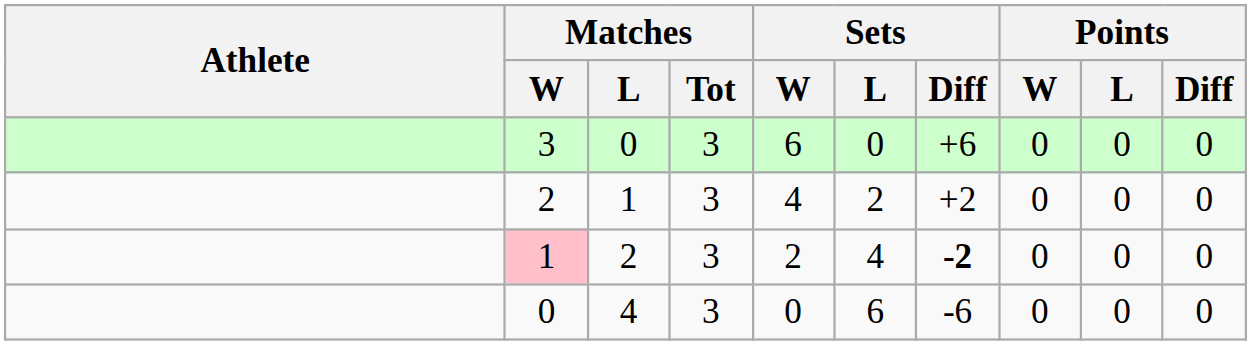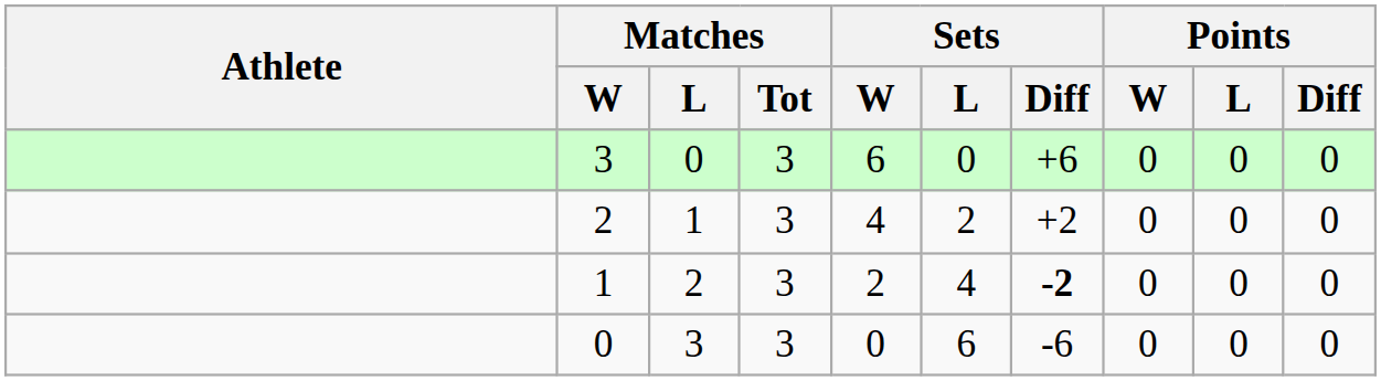 <table class=wikitable style="text-align:center">
 <tr>
 <th rowspan=2 width=220>Athlete</th>
 <th colspan=3 width=90>Matches</th>
 <th colspan=3 width=90>Sets</th>
 <th colspan=3 width=90>Points</th>
 </tr>
 <tr>
 <th width=30>W</th>
 <th width=30>L</th>
 <th width=30>Tot</th>
 <th width=30>W</th>
 <th width=30>L</th>
 <th width=30>Diff</th>
 <th width=30>W</th>
 <th width=30>L</th>
 <th width=30>Diff</th>
 </tr>
 <tr bgcolor=ccffcc>
 <td style="text-align:left"></td>
 <td>3</td>
 <td>0</td>
 <td>3</td>
 <td>6</td>
 <td>0</td>
 <td>+6</td>
 <td>0</td>
 <td>0</td>
 <td>0</td>
 </tr>
 <tr>
 <td style="text-align:left"></td>
 <td>2</td>
 <td>1</td>
 <td>3</td>
 <td>4</td>
 <td>2</td>
 <td>+2</td>
 <td>0</td>
 <td>0</td>
 <td>0</td>
 </tr>
 <tr>
 <td style="text-align:left"></td>
-<td style="background: pink;">1</td>
+<td>1</td>
 <td>2</td>
 <td>3</td>
 <td>2</td>
 <td>4</td>
 <td><strong>-2</strong></td>
 <td>0</td>
 <td>0</td>
 <td>0</td>
 </tr>
 <tr>
 <td style="text-align:left"></td>
 <td>0</td>
-<td>4</td>
+<td>3</td>
 <td>3</td>
 <td>0</td>
 <td>6</td>
 <td>-6</td>
 <td>0</td>
 <td>0</td>
 <td>0</td>
 </tr>
 </table>
